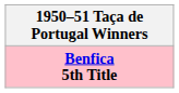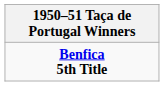 <table class="wikitable" style="text-align: center; margin: 0 auto; width: 20%">
 <tr>
 <th>1950–51 Taça de Portugal Winners</th>
 </tr>
 <tr>
-<td style="background: pink;"><strong><a href='#'>Benfica</a></strong><br><strong>5th Title</strong></td>
+<td><strong><a href='#'>Benfica</a></strong><br><strong>5th Title</strong></td>
 </tr>
 </table>
